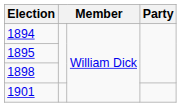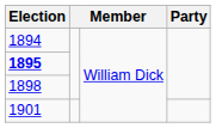 <table class="wikitable">
 <tr>
 <th>Election</th>
 <th colspan="2">Member</th>
 <th>Party</th>
 </tr>
 <tr>
 <td><a href='#'>1894</a></td>
 <td rowspan="3" > </td>
 <td rowspan="4"><a href='#'>William Dick</a></td>
 <td rowspan="3"></td>
 </tr>
 <tr>
-<td><a href='#'>1895</a></td>
+<td><strong><a href='#'>1895</a></strong></td>
 </tr>
 <tr>
 <td><a href='#'>1898</a></td>
 </tr>
 <tr>
 <td><a href='#'>1901</a></td>
 <td> </td>
 <td></td>
 </tr>
 </table>
